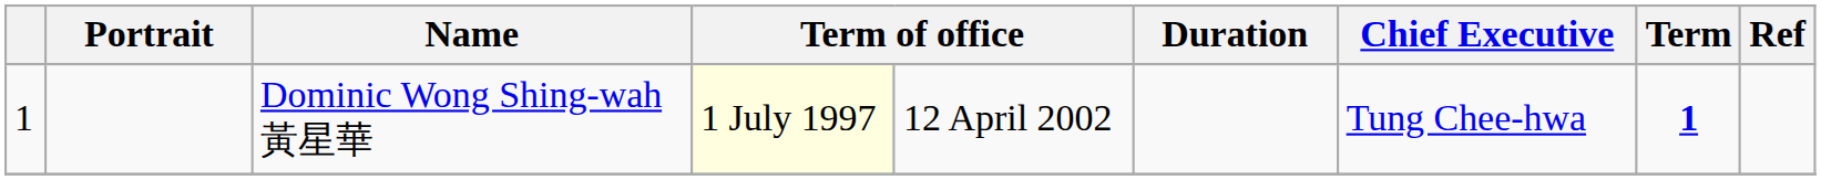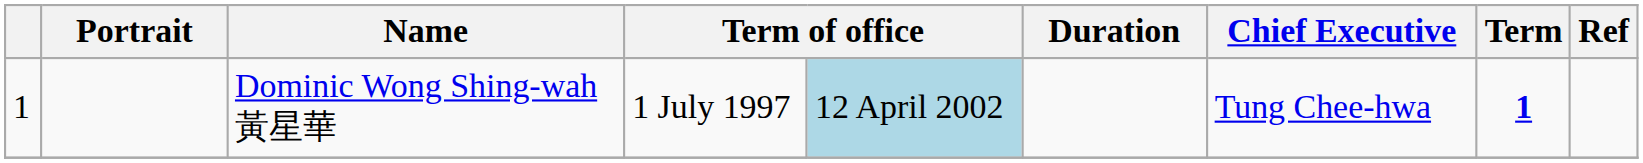 <table class="wikitable"  style="text-align:left">
 <tr>
 <th width=10px></th>
 <th width=80px>Portrait</th>
 <th width=180px>Name</th>
 <th width=180px colspan=2>Term of office</th>
 <th width=80px>Duration</th>
 <th width=120px><a href='#'>Chief Executive</a></th>
 <th>Term</th>
 <th>Ref</th>
 </tr>
 <tr>
 <td bgcolor=>1</td>
 <td></td>
 <td><a href='#'>Dominic Wong Shing-wah</a><br>黃星華</td>
-<td style="background: lightyellow;">1 July 1997</td>
-<td>12 April 2002</td>
+<td>1 July 1997</td>
+<td style="background: lightblue;">12 April 2002</td>
 <td></td>
 <td><a href='#'>Tung Chee-hwa</a><br></td>
 <td align=center><strong><a href='#'>1</a></strong></td>
 <td></td>
 </tr>
 <tr>
 </tr>
 </table>
